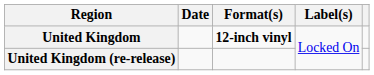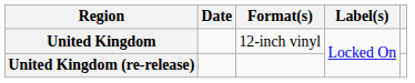 <table class="wikitable plainrowheaders">
 <tr>
 <th scope="col">Region</th>
 <th scope="col">Date</th>
 <th scope="col">Format(s)</th>
 <th scope="col">Label(s)</th>
 <th scope="col"></th>
 </tr>
 <tr>
 <th scope="row">United Kingdom</th>
 <td></td>
-<td><strong>12-inch vinyl</strong></td>
+<td>12-inch vinyl</td>
 <td rowspan="2"><a href='#'>Locked On</a></td>
 <td></td>
 </tr>
 <tr>
 <th scope="row">United Kingdom (re-release)</th>
 <td></td>
 <td></td>
 <td></td>
 </tr>
 </table>
